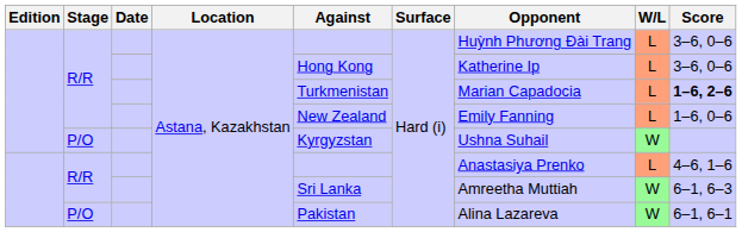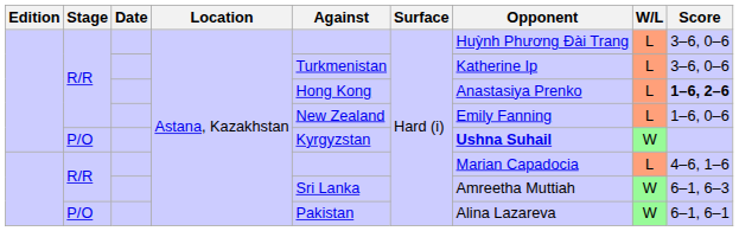 <table class=wikitable style=font-size:97%>
 <tr>
 <th>Edition</th>
 <th>Stage</th>
 <th>Date</th>
 <th>Location</th>
 <th>Against</th>
 <th>Surface</th>
 <th>Opponent</th>
 <th>W/L</th>
 <th>Score</th>
 </tr>
 <tr style="background:#ccf;">
 <td rowspan="5"></td>
 <td rowspan="4"><a href='#'>R/R</a></td>
 <td></td>
 <td rowspan="8"><a href='#'>Astana</a>, Kazakhstan</td>
 <td> </td>
 <td rowspan="8">Hard (i)</td>
 <td> <a href='#'>Huỳnh Phương Đài Trang</a></td>
 <td style="text-align:center; background:#ffa07a;">L</td>
 <td>3–6, 0–6</td>
 </tr>
 <tr style="background:#ccf;">
 <td></td>
-<td> <a href='#'>Hong Kong</a></td>
+<td> <a href='#'>Turkmenistan</a></td>
 <td> <a href='#'>Katherine Ip</a></td>
 <td style="text-align:center; background:#ffa07a;">L</td>
 <td>3–6, 0–6</td>
 </tr>
 <tr style="background:#ccf;">
 <td></td>
-<td> <a href='#'>Turkmenistan</a></td>
-<td> <a href='#'>Marian Capadocia</a></td>
+<td> <a href='#'>Hong Kong</a></td>
+<td> <a href='#'>Anastasiya Prenko</a></td>
 <td style="text-align:center; background:#ffa07a;">L</td>
 <td><strong>1–6, 2–6</strong></td>
 </tr>
 <tr style="background:#ccf;">
 <td></td>
 <td> <a href='#'>New Zealand</a></td>
 <td> <a href='#'>Emily Fanning</a></td>
 <td style="text-align:center; background:#ffa07a;">L</td>
 <td>1–6, 0–6</td>
 </tr>
 <tr style="background:#ccf;">
 <td rowspan="1"><a href='#'>P/O</a></td>
 <td></td>
 <td> <a href='#'>Kyrgyzstan</a></td>
-<td> <a href='#'>Ushna Suhail</a></td>
+<td><strong> <a href='#'>Ushna Suhail</a></strong></td>
 <td style="text-align:center; background:#98fb98;">W</td>
 <td></td>
 </tr>
 <tr style="background:#ccf;">
 <td rowspan="3"></td>
 <td rowspan="2"><a href='#'>R/R</a></td>
 <td></td>
 <td> </td>
-<td> <a href='#'>Anastasiya Prenko</a></td>
+<td> <a href='#'>Marian Capadocia</a></td>
 <td style="text-align:center; background:#ffa07a;">L</td>
 <td>4–6, 1–6</td>
 </tr>
 <tr style="background:#ccf;">
 <td></td>
 <td> <a href='#'>Sri Lanka</a></td>
 <td> Amreetha Muttiah</td>
 <td style="text-align:center; background:#98fb98;">W</td>
 <td>6–1, 6–3</td>
 </tr>
 <tr style="background:#ccf;">
 <td rowspan="1"><a href='#'>P/O</a></td>
 <td></td>
 <td> <a href='#'>Pakistan</a></td>
 <td> Alina Lazareva</td>
 <td style="text-align:center; background:#98fb98;">W</td>
 <td>6–1, 6–1</td>
 </tr>
 </table>
